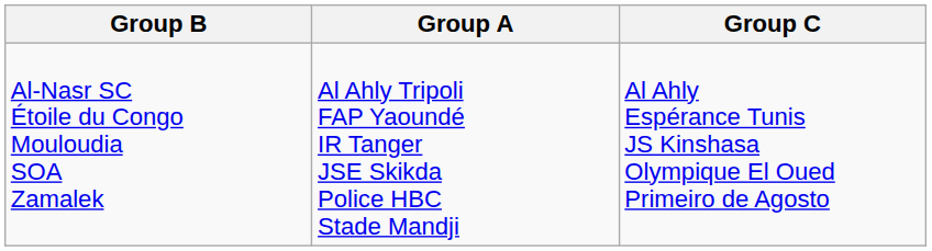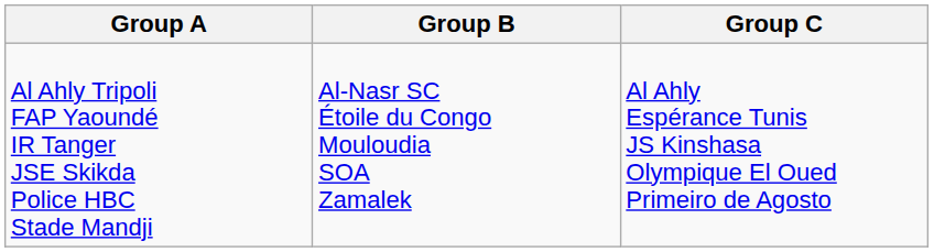 <table class="wikitable">
 <tr>
+<th width=195px>Group A</th>
 <th width=195px>Group B</th>
-<th width=195px>Group A</th>
 <th width=195px>Group C</th>
 </tr>
 <tr>
+<td valign=top><br> <a href='#'>Al Ahly Tripoli</a><br>  <a href='#'>FAP Yaoundé</a><br>  <a href='#'>IR Tanger</a><br>  <a href='#'>JSE Skikda</a><br>  <a href='#'>Police HBC</a><br>  <a href='#'>Stade Mandji</a></td>
 <td valign=top><br> <a href='#'>Al-Nasr SC</a><br>  <a href='#'>Étoile du Congo</a><br>  <a href='#'>Mouloudia</a><br>  <a href='#'>SOA</a><br>  <a href='#'>Zamalek</a></td>
-<td valign=top><br> <a href='#'>Al Ahly Tripoli</a><br>  <a href='#'>FAP Yaoundé</a><br>  <a href='#'>IR Tanger</a><br>  <a href='#'>JSE Skikda</a><br>  <a href='#'>Police HBC</a><br>  <a href='#'>Stade Mandji</a></td>
 <td valign=top><br> <a href='#'>Al Ahly</a><br>  <a href='#'>Espérance Tunis</a><br>  <a href='#'>JS Kinshasa</a><br>  <a href='#'>Olympique El Oued</a><br>  <a href='#'>Primeiro de Agosto</a></td>
 </tr>
 </table>
